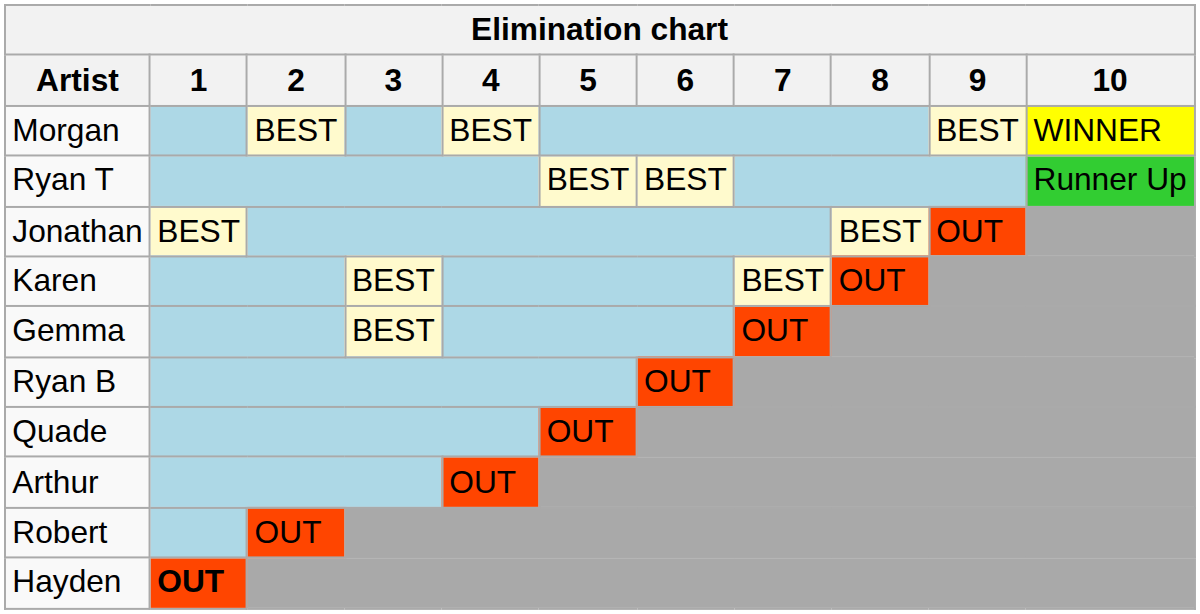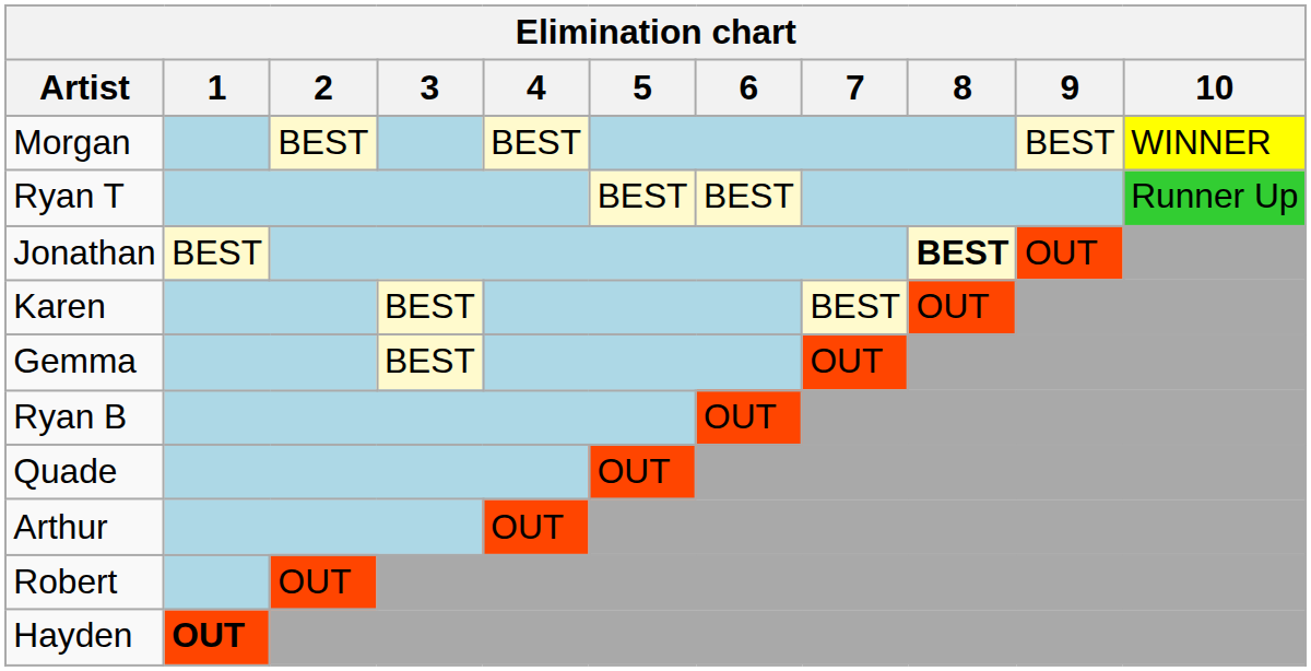 <table class="wikitable">
 <tr>
 <th colspan="16">Elimination chart</th>
 </tr>
 <tr>
 <th>Artist</th>
 <th>1</th>
 <th>2</th>
 <th>3</th>
 <th>4</th>
 <th>5</th>
 <th>6</th>
 <th>7</th>
 <th>8</th>
 <th>9</th>
 <th>10</th>
 </tr>
 <tr>
 <td>Morgan</td>
 <td style="background:Lightblue;"></td>
 <td style="background:LemonChiffon;">BEST</td>
 <td style="background:Lightblue;"></td>
 <td style="background:LemonChiffon;">BEST</td>
 <td colspan="4" style="background:Lightblue;"></td>
 <td style="background:LemonChiffon;">BEST</td>
 <td style="background:Yellow;">WINNER</td>
 </tr>
 <tr>
 <td>Ryan T</td>
 <td colspan="4" style="background:Lightblue;"></td>
 <td style="background:LemonChiffon;">BEST</td>
 <td style="background:LemonChiffon;">BEST</td>
 <td colspan="3" style="background:Lightblue;"></td>
 <td style="background:LimeGreen;">Runner Up</td>
 </tr>
 <tr>
 <td>Jonathan</td>
 <td style="background:LemonChiffon;">BEST</td>
 <td colspan="6" style="background:Lightblue;"></td>
-<td style="background:LemonChiffon;">BEST</td>
+<td style="background:LemonChiffon;"><strong>BEST</strong></td>
 <td style="background:orangered;">OUT</td>
 <td style="background:darkgrey;"></td>
 </tr>
 <tr>
 <td>Karen</td>
 <td colspan="2" style="background:Lightblue;"></td>
 <td style="background:LemonChiffon;">BEST</td>
 <td colspan="3" style="background:Lightblue;"></td>
 <td style="background:LemonChiffon;">BEST</td>
 <td style="background:orangered;">OUT</td>
 <td colspan="2" style="background:darkgrey;"></td>
 </tr>
 <tr>
 <td>Gemma</td>
 <td colspan="2" style="background:Lightblue;"></td>
 <td style="background:LemonChiffon;">BEST</td>
 <td colspan="3" style="background:Lightblue;"></td>
 <td style="background:orangered;">OUT</td>
 <td colspan="3" style="background:darkgrey;"></td>
 </tr>
 <tr>
 <td>Ryan B</td>
 <td colspan="5" style="background:Lightblue;"></td>
 <td style="background:orangered;">OUT</td>
 <td colspan="4" style="background:darkgrey;"></td>
 </tr>
 <tr>
 <td>Quade</td>
 <td colspan="4" style="background:Lightblue;"></td>
 <td style="background:orangered;">OUT</td>
 <td colspan="5" style="background:darkgrey;"></td>
 </tr>
 <tr>
 <td align="left">Arthur</td>
 <td colspan="3" style="background:Lightblue;"></td>
 <td style="background:orangered;">OUT</td>
 <td colspan="6" style="background:darkgrey;"></td>
 </tr>
 <tr>
 <td align="left">Robert</td>
 <td style="background:Lightblue;"></td>
 <td style="background:orangered;">OUT</td>
 <td colspan="8" style="background:darkgrey;"></td>
 </tr>
 <tr>
 <td align="left">Hayden</td>
 <td style="background:orangered;"><strong>OUT</strong></td>
 <td colspan="9" style="background:darkgrey;"></td>
 </tr>
 </table>
